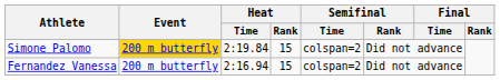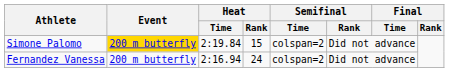 <table class=wikitable style="font-size:90%">
 <tr>
 <th rowspan=2>Athlete</th>
 <th rowspan=2>Event</th>
 <th colspan="2">Heat</th>
 <th colspan="2">Semifinal</th>
 <th colspan="2">Final</th>
 </tr>
 <tr style="font-size:95%">
 <th>Time</th>
 <th>Rank</th>
 <th>Time</th>
 <th>Rank</th>
 <th>Time</th>
 <th>Rank</th>
 </tr>
 <tr align=center>
 <td align=left><a href='#'>Simone Palomo</a></td>
 <td align=left style="background: gold;"><a href='#'>200 m butterfly</a></td>
 <td>2:19.84</td>
 <td>15</td>
 <td>colspan=2 </td>
 <td colspan=2>Did not advance</td>
 </tr>
 <tr align=center>
 <td align=left><a href='#'>Fernandez Vanessa</a></td>
 <td align=left><a href='#'>200 m butterfly</a></td>
 <td>2:16.94</td>
-<td>15</td>
+<td>24</td>
 <td>colspan=2 </td>
 <td colspan=2>Did not advance</td>
 </tr>
 </table>
